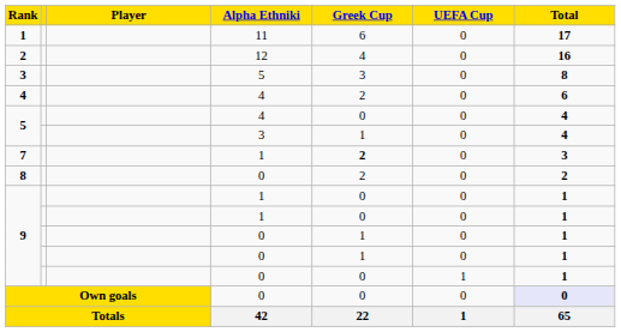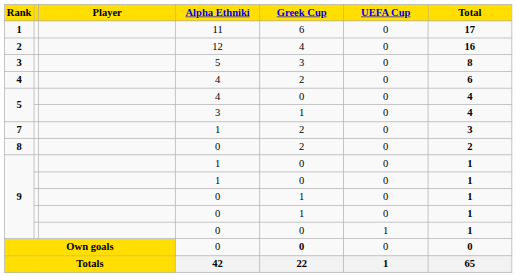 <table class="wikitable sortable" style="text-align: center">
 <tr>
 <th style="background:#FFDE00">Rank</th>
 <th style="background:#FFDE00"></th>
 <th width=200 style="background:#FFDE00">Player</th>
 <th width=120 style="background:#FFDE00"><a href='#'>Alpha Ethniki</a></th>
 <th width=120 style="background:#FFDE00"><a href='#'>Greek Cup</a></th>
 <th width=120 style="background:#FFDE00"><a href='#'>UEFA Cup</a></th>
 <th width=120 style="background:#FFDE00">Total</th>
 </tr>
 <tr>
 <td><strong>1</strong></td>
 <td></td>
 <td align=left></td>
 <td>11</td>
 <td>6</td>
 <td>0</td>
 <td><strong>17</strong></td>
 </tr>
 <tr>
 <td><strong>2</strong></td>
 <td></td>
 <td align=left></td>
 <td>12</td>
 <td>4</td>
 <td>0</td>
 <td><strong>16</strong></td>
 </tr>
 <tr>
 <td><strong>3</strong></td>
 <td></td>
 <td align=left></td>
 <td>5</td>
 <td>3</td>
 <td>0</td>
 <td><strong>8</strong></td>
 </tr>
 <tr>
 <td><strong>4</strong></td>
 <td></td>
 <td align=left></td>
 <td>4</td>
 <td>2</td>
 <td>0</td>
 <td><strong>6</strong></td>
 </tr>
 <tr>
 <td rowspan=2><strong>5</strong></td>
 <td></td>
 <td align=left></td>
 <td>4</td>
 <td>0</td>
 <td>0</td>
 <td><strong>4</strong></td>
 </tr>
 <tr>
 <td></td>
 <td align=left></td>
 <td>3</td>
 <td>1</td>
 <td>0</td>
 <td><strong>4</strong></td>
 </tr>
 <tr>
 <td><strong>7</strong></td>
 <td></td>
 <td align=left></td>
 <td>1</td>
-<td><strong>2</strong></td>
+<td>2</td>
 <td>0</td>
 <td><strong>3</strong></td>
 </tr>
 <tr>
 <td><strong>8</strong></td>
 <td></td>
 <td align=left></td>
 <td>0</td>
 <td>2</td>
 <td>0</td>
 <td><strong>2</strong></td>
 </tr>
 <tr>
 <td rowspan=5><strong>9</strong></td>
 <td></td>
 <td align=left></td>
 <td>1</td>
 <td>0</td>
 <td>0</td>
 <td><strong>1</strong></td>
 </tr>
 <tr>
 <td></td>
 <td align=left></td>
 <td>1</td>
 <td>0</td>
 <td>0</td>
 <td><strong>1</strong></td>
 </tr>
 <tr>
 <td></td>
 <td align=left></td>
 <td>0</td>
 <td>1</td>
 <td>0</td>
 <td><strong>1</strong></td>
 </tr>
 <tr>
 <td></td>
 <td align=left></td>
 <td>0</td>
 <td>1</td>
 <td>0</td>
 <td><strong>1</strong></td>
 </tr>
 <tr>
 <td></td>
 <td align=left></td>
 <td>0</td>
 <td>0</td>
 <td>1</td>
 <td><strong>1</strong></td>
 </tr>
 <tr class="sortbottom">
 <td colspan=3 style="background:#FFDE00"><strong>Own goals</strong></td>
 <td>0</td>
+<td><strong>0</strong></td>
 <td>0</td>
-<td>0</td>
-<td style="background: lavender;"><strong>0</strong></td>
+<td><strong>0</strong></td>
 </tr>
 <tr class="sortbottom">
 <th colspan=3 style="background:#FFDE00"><strong>Totals</strong></th>
 <th><strong>42</strong></th>
 <th><strong>22</strong></th>
 <th><strong> 1</strong></th>
 <th><strong>65</strong></th>
 </tr>
 </table>
